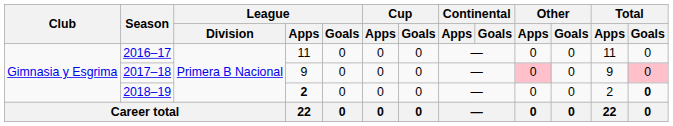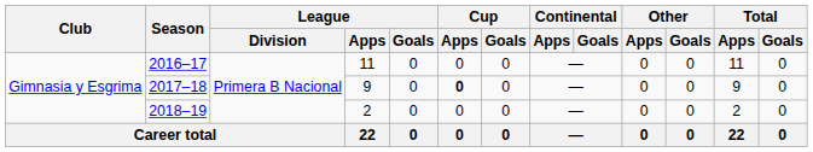 <table class="wikitable" style="text-align:center">
 <tr>
 <th rowspan="2">Club</th>
 <th rowspan="2">Season</th>
 <th colspan="3">League</th>
 <th colspan="2">Cup</th>
 <th colspan="2">Continental</th>
 <th colspan="2">Other</th>
 <th colspan="2">Total</th>
 </tr>
 <tr>
 <th>Division</th>
 <th>Apps</th>
 <th>Goals</th>
 <th>Apps</th>
 <th>Goals</th>
 <th>Apps</th>
 <th>Goals</th>
 <th>Apps</th>
 <th>Goals</th>
 <th>Apps</th>
 <th>Goals</th>
 </tr>
 <tr>
 <td rowspan="3"><a href='#'>Gimnasia y Esgrima</a></td>
 <td><a href='#'>2016–17</a></td>
 <td rowspan="3"><a href='#'>Primera B Nacional</a></td>
 <td>11</td>
 <td>0</td>
 <td>0</td>
 <td>0</td>
 <td colspan="2">—</td>
 <td>0</td>
 <td>0</td>
 <td>11</td>
 <td>0</td>
 </tr>
 <tr>
 <td><a href='#'>2017–18</a></td>
 <td>9</td>
 <td>0</td>
+<td><strong>0</strong></td>
+<td>0</td>
+<td colspan="2">—</td>
 <td>0</td>
 <td>0</td>
-<td colspan="2">—</td>
-<td style="background: pink;">0</td>
+<td>9</td>
 <td>0</td>
-<td>9</td>
-<td style="background: pink;">0</td>
 </tr>
 <tr>
 <td><a href='#'>2018–19</a></td>
-<td><strong>2</strong></td>
+<td>2</td>
 <td>0</td>
 <td>0</td>
 <td>0</td>
 <td colspan="2">—</td>
 <td>0</td>
 <td>0</td>
 <td>2</td>
-<td><strong>0</strong></td>
+<td>0</td>
 </tr>
 <tr>
 <th colspan="3">Career total</th>
 <th>22</th>
 <th>0</th>
 <th>0</th>
 <th>0</th>
 <th colspan="2">—</th>
 <th>0</th>
 <th>0</th>
 <th>22</th>
 <th>0</th>
 </tr>
 </table>
